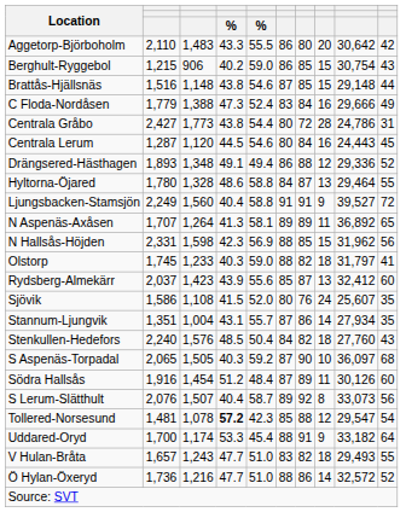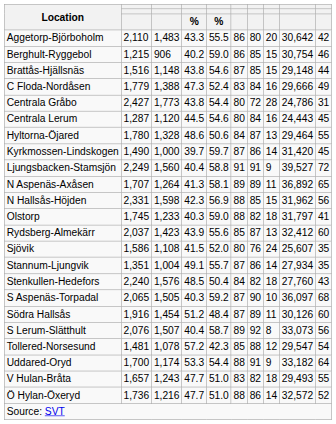 <table role="presentation" class="wikitable sortable mw-collapsible mw-collapsed">
 <tr>
 <th rowspan="3">Location</th>
 <th></th>
 <th></th>
 <th></th>
 <th></th>
 <th></th>
 <th></th>
 <th></th>
 <th></th>
 <th></th>
 </tr>
 <tr>
 <th></th>
 <th></th>
 <th style="background:"></th>
 <th style="background:"></th>
 <th></th>
 <th></th>
 <th></th>
 <th></th>
 <th></th>
 </tr>
 <tr>
 <th data-sort-type="number"></th>
 <th data-sort-type="number"></th>
 <th data-sort-type="number">%</th>
 <th data-sort-type="number">%</th>
 <th data-sort-type="number"></th>
 <th data-sort-type="number"></th>
 <th data-sort-type="number"></th>
 <th data-sort-type="number"></th>
 <th data-sort-type="number"></th>
 </tr>
 <tr>
 <td align="left">Aggetorp-Björboholm</td>
 <td>2,110</td>
 <td>1,483</td>
 <td>43.3</td>
 <td>55.5</td>
 <td>86</td>
 <td>80</td>
 <td>20</td>
 <td>30,642</td>
 <td>42</td>
 </tr>
 <tr>
 <td align="left">Berghult-Ryggebol</td>
 <td>1,215</td>
 <td>906</td>
 <td>40.2</td>
 <td>59.0</td>
 <td>86</td>
 <td>85</td>
 <td>15</td>
 <td>30,754</td>
-<td>43</td>
+<td>46</td>
 </tr>
 <tr>
 <td align="left">Brattås-Hjällsnäs</td>
 <td>1,516</td>
 <td>1,148</td>
 <td>43.8</td>
 <td>54.6</td>
 <td>87</td>
 <td>85</td>
 <td>15</td>
 <td>29,148</td>
 <td>44</td>
 </tr>
 <tr>
 <td align="left">C Floda-Nordåsen</td>
 <td>1,779</td>
 <td>1,388</td>
 <td>47.3</td>
 <td>52.4</td>
 <td>83</td>
 <td>84</td>
 <td>16</td>
 <td>29,666</td>
 <td>49</td>
 </tr>
 <tr>
 <td align="left">Centrala Gråbo</td>
 <td>2,427</td>
 <td>1,773</td>
 <td>43.8</td>
 <td>54.4</td>
 <td>80</td>
 <td>72</td>
 <td>28</td>
 <td>24,786</td>
 <td>31</td>
 </tr>
 <tr>
 <td align="left">Centrala Lerum</td>
 <td>1,287</td>
 <td>1,120</td>
 <td>44.5</td>
 <td>54.6</td>
 <td>80</td>
 <td>84</td>
 <td>16</td>
 <td>24,443</td>
 <td>45</td>
 </tr>
 <tr>
-<td align="left">Drängsered-Hästhagen</td>
-<td>1,893</td>
-<td>1,348</td>
-<td>49.1</td>
-<td>49.4</td>
-<td>86</td>
-<td>88</td>
-<td>12</td>
-<td>29,336</td>
-<td>52</td>
-</tr>
-<tr>
 <td align="left">Hyltorna-Öjared</td>
 <td>1,780</td>
 <td>1,328</td>
 <td>48.6</td>
-<td>58.8</td>
+<td>50.6</td>
 <td>84</td>
 <td>87</td>
 <td>13</td>
 <td>29,464</td>
 <td>55</td>
+</tr>
+<tr>
+<td align="left">Kyrkmossen-Lindskogen</td>
+<td>1,490</td>
+<td>1,000</td>
+<td>39.7</td>
+<td>59.7</td>
+<td>87</td>
+<td>86</td>
+<td>14</td>
+<td>31,420</td>
+<td>45</td>
 </tr>
 <tr>
 <td align="left">Ljungsbacken-Stamsjön</td>
 <td>2,249</td>
 <td>1,560</td>
 <td>40.4</td>
 <td>58.8</td>
 <td>91</td>
 <td>91</td>
 <td>9</td>
 <td>39,527</td>
 <td>72</td>
 </tr>
 <tr>
 <td align="left">N Aspenäs-Axåsen</td>
 <td>1,707</td>
 <td>1,264</td>
 <td>41.3</td>
 <td>58.1</td>
 <td>89</td>
 <td>89</td>
 <td>11</td>
 <td>36,892</td>
 <td>65</td>
 </tr>
 <tr>
 <td align="left">N Hallsås-Höjden</td>
 <td>2,331</td>
 <td>1,598</td>
 <td>42.3</td>
 <td>56.9</td>
 <td>88</td>
 <td>85</td>
 <td>15</td>
 <td>31,962</td>
 <td>56</td>
 </tr>
 <tr>
 <td align="left">Olstorp</td>
 <td>1,745</td>
 <td>1,233</td>
 <td>40.3</td>
 <td>59.0</td>
 <td>88</td>
 <td>82</td>
 <td>18</td>
 <td>31,797</td>
 <td>41</td>
 </tr>
 <tr>
 <td align="left">Rydsberg-Almekärr</td>
 <td>2,037</td>
 <td>1,423</td>
 <td>43.9</td>
 <td>55.6</td>
 <td>85</td>
 <td>87</td>
 <td>13</td>
 <td>32,412</td>
 <td>60</td>
 </tr>
 <tr>
 <td align="left">Sjövik</td>
 <td>1,586</td>
 <td>1,108</td>
 <td>41.5</td>
 <td>52.0</td>
 <td>80</td>
 <td>76</td>
 <td>24</td>
 <td>25,607</td>
 <td>35</td>
 </tr>
 <tr>
 <td align="left">Stannum-Ljungvik</td>
 <td>1,351</td>
 <td>1,004</td>
-<td>43.1</td>
+<td>49.1</td>
 <td>55.7</td>
 <td>87</td>
 <td>86</td>
 <td>14</td>
 <td>27,934</td>
 <td>35</td>
 </tr>
 <tr>
 <td align="left">Stenkullen-Hedefors</td>
 <td>2,240</td>
 <td>1,576</td>
 <td>48.5</td>
 <td>50.4</td>
 <td>84</td>
 <td>82</td>
 <td>18</td>
 <td>27,760</td>
 <td>43</td>
 </tr>
 <tr>
 <td align="left">S Aspenäs-Torpadal</td>
 <td>2,065</td>
 <td>1,505</td>
 <td>40.3</td>
 <td>59.2</td>
 <td>87</td>
 <td>90</td>
 <td>10</td>
 <td>36,097</td>
 <td>68</td>
 </tr>
 <tr>
 <td align="left">Södra Hallsås</td>
 <td>1,916</td>
 <td>1,454</td>
 <td>51.2</td>
 <td>48.4</td>
 <td>87</td>
 <td>89</td>
 <td>11</td>
 <td>30,126</td>
 <td>60</td>
 </tr>
 <tr>
 <td align="left">S Lerum-Slätthult</td>
 <td>2,076</td>
 <td>1,507</td>
 <td>40.4</td>
 <td>58.7</td>
 <td>89</td>
 <td>92</td>
 <td>8</td>
 <td>33,073</td>
 <td>56</td>
 </tr>
 <tr>
 <td align="left">Tollered-Norsesund</td>
 <td>1,481</td>
 <td>1,078</td>
-<td><strong>57.2</strong></td>
+<td>57.2</td>
 <td>42.3</td>
 <td>85</td>
 <td>88</td>
 <td>12</td>
 <td>29,547</td>
 <td>54</td>
 </tr>
 <tr>
 <td align="left">Uddared-Oryd</td>
 <td>1,700</td>
 <td>1,174</td>
 <td>53.3</td>
-<td>45.4</td>
+<td>54.4</td>
 <td>88</td>
 <td>91</td>
 <td>9</td>
 <td>33,182</td>
 <td>64</td>
 </tr>
 <tr>
 <td align="left">V Hulan-Bråta</td>
 <td>1,657</td>
 <td>1,243</td>
 <td>47.7</td>
 <td>51.0</td>
 <td>83</td>
 <td>82</td>
 <td>18</td>
 <td>29,493</td>
 <td>55</td>
 </tr>
 <tr>
 <td align="left">Ö Hylan-Öxeryd</td>
 <td>1,736</td>
 <td>1,216</td>
 <td>47.7</td>
 <td>51.0</td>
 <td>88</td>
 <td>86</td>
 <td>14</td>
 <td>32,572</td>
 <td>52</td>
 </tr>
 <tr>
 <td colspan="10" align="left">Source: <a href='#'>SVT</a></td>
 </tr>
 </table>
